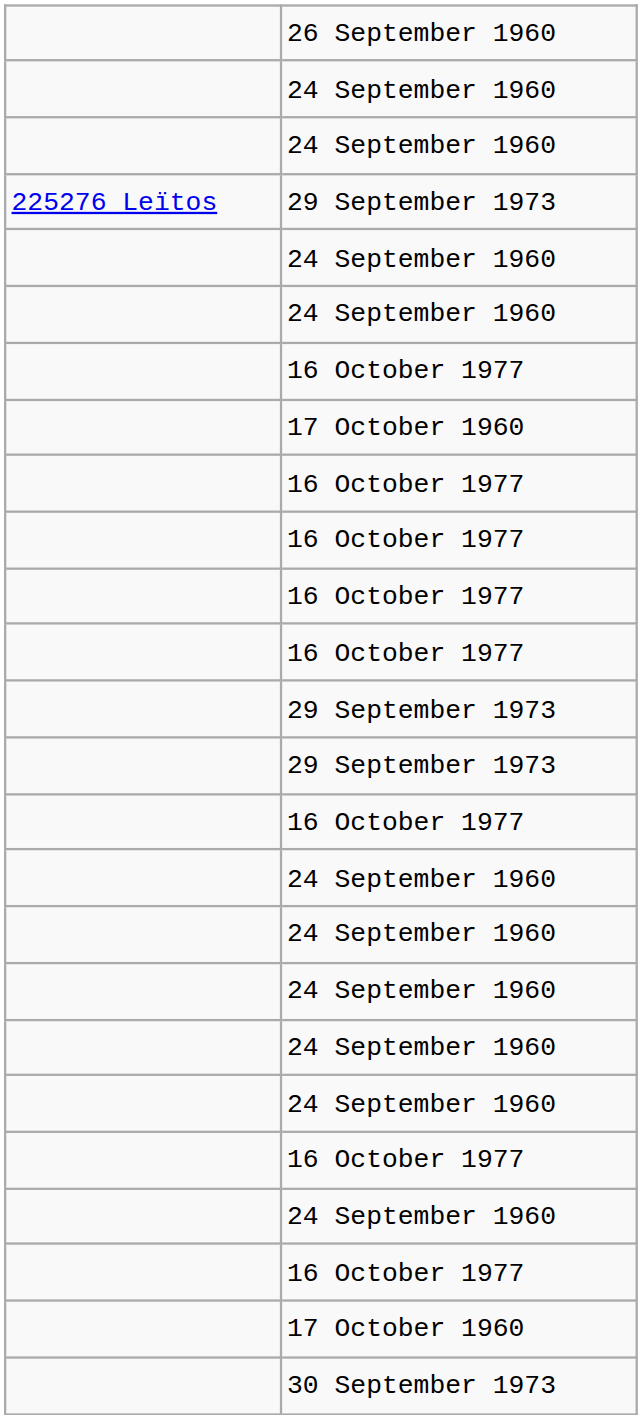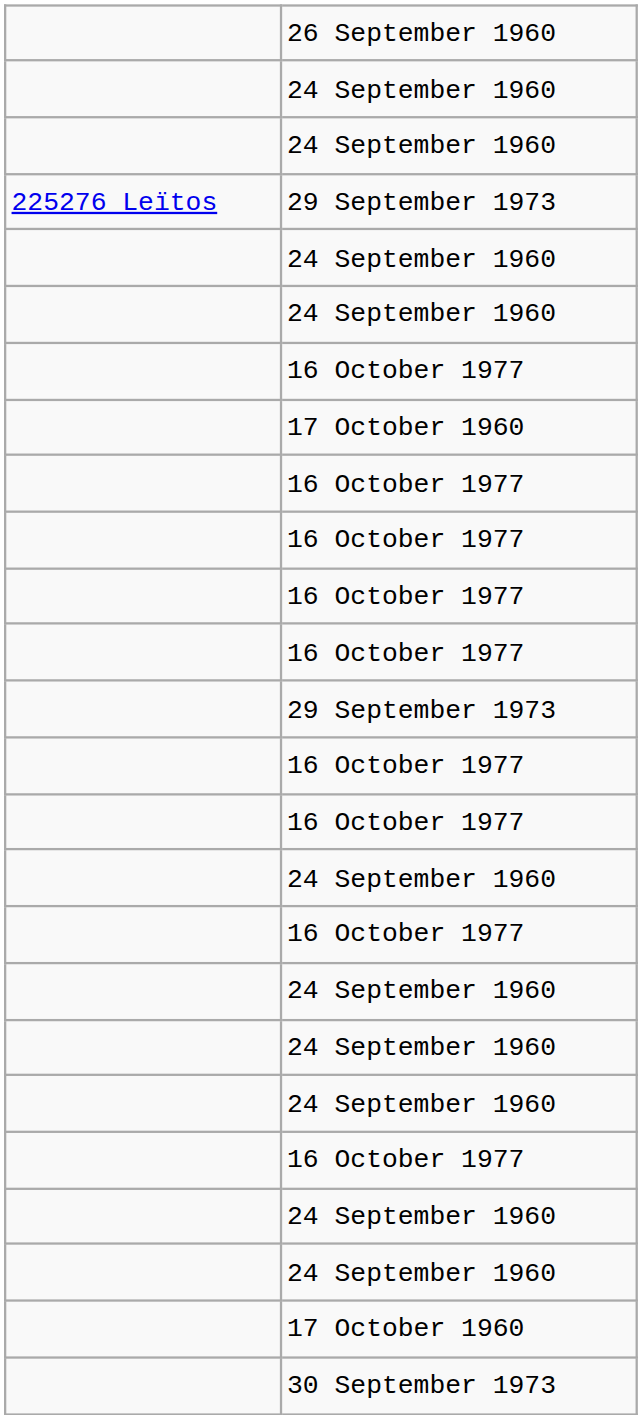 <table class="wikitable" style="font-size: 89%; float: left; width: 24em; margin-right: 1em; line-height: 1.65em">
 <tr>
 <td></td>
 <td>26 September 1960</td>
 </tr>
 <tr>
 <td></td>
 <td>24 September 1960</td>
 </tr>
 <tr>
 <td></td>
 <td>24 September 1960</td>
 </tr>
 <tr>
 <td><a href='#'>225276 Leïtos</a></td>
 <td>29 September 1973</td>
 </tr>
 <tr>
 <td></td>
 <td>24 September 1960</td>
 </tr>
 <tr>
 <td></td>
 <td>24 September 1960</td>
 </tr>
 <tr>
 <td></td>
 <td>16 October 1977</td>
 </tr>
 <tr>
 <td></td>
 <td>17 October 1960</td>
 </tr>
 <tr>
 <td></td>
 <td>16 October 1977</td>
 </tr>
 <tr>
 <td></td>
 <td>16 October 1977</td>
 </tr>
 <tr>
 <td></td>
 <td>16 October 1977</td>
 </tr>
 <tr>
 <td></td>
 <td>16 October 1977</td>
 </tr>
 <tr>
 <td></td>
 <td>29 September 1973</td>
 </tr>
 <tr>
 <td></td>
-<td>29 September 1973</td>
+<td>16 October 1977</td>
 </tr>
 <tr>
 <td></td>
 <td>16 October 1977</td>
 </tr>
 <tr>
 <td></td>
 <td>24 September 1960</td>
 </tr>
 <tr>
 <td></td>
-<td>24 September 1960</td>
+<td>16 October 1977</td>
 </tr>
 <tr>
 <td></td>
 <td>24 September 1960</td>
 </tr>
 <tr>
 <td></td>
 <td>24 September 1960</td>
 </tr>
 <tr>
 <td></td>
 <td>24 September 1960</td>
 </tr>
 <tr>
 <td></td>
 <td>16 October 1977</td>
 </tr>
 <tr>
 <td></td>
 <td>24 September 1960</td>
 </tr>
 <tr>
 <td></td>
-<td>16 October 1977</td>
+<td>24 September 1960</td>
 </tr>
 <tr>
 <td></td>
 <td>17 October 1960</td>
 </tr>
 <tr>
 <td></td>
 <td>30 September 1973</td>
 </tr>
 </table>
